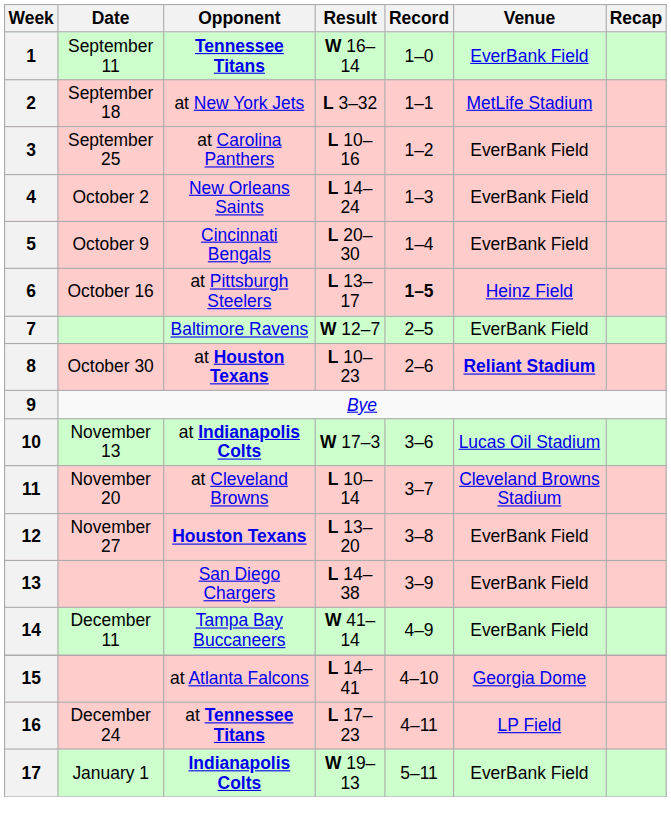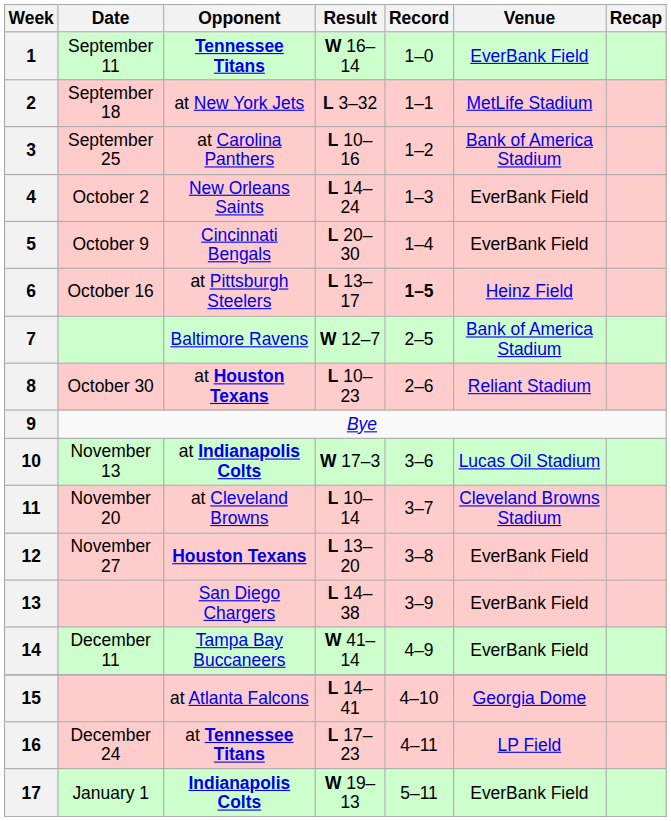 <table class="wikitable" style="text-align:center">
 <tr>
 <th>Week</th>
 <th>Date</th>
 <th>Opponent</th>
 <th>Result</th>
 <th>Record</th>
 <th>Venue</th>
 <th>Recap</th>
 </tr>
 <tr style="background:#cfc;">
 <th>1</th>
 <td>September 11</td>
 <td><strong><a href='#'>Tennessee Titans</a></strong></td>
 <td><strong>W</strong> 16–14</td>
 <td>1–0</td>
 <td><a href='#'>EverBank Field</a></td>
 <td></td>
 </tr>
 <tr style="background:#fcc;">
 <th>2</th>
 <td>September 18</td>
 <td>at <a href='#'>New York Jets</a></td>
 <td><strong>L</strong> 3–32</td>
 <td>1–1</td>
 <td><a href='#'>MetLife Stadium</a></td>
 <td></td>
 </tr>
 <tr style="background:#fcc;">
 <th>3</th>
 <td>September 25</td>
 <td>at <a href='#'>Carolina Panthers</a></td>
 <td><strong>L</strong> 10–16</td>
 <td>1–2</td>
-<td>EverBank Field</td>
+<td><a href='#'>Bank of America Stadium</a></td>
 <td></td>
 </tr>
 <tr style="background:#fcc">
 <th>4</th>
 <td>October 2</td>
 <td><a href='#'>New Orleans Saints</a></td>
 <td><strong>L</strong> 14–24</td>
 <td>1–3</td>
 <td>EverBank Field</td>
 <td></td>
 </tr>
 <tr style="background:#fcc">
 <th>5</th>
 <td>October 9</td>
 <td><a href='#'>Cincinnati Bengals</a></td>
 <td><strong>L</strong> 20–30</td>
 <td>1–4</td>
 <td>EverBank Field</td>
 <td></td>
 </tr>
 <tr style="background:#fcc">
 <th>6</th>
 <td>October 16</td>
 <td>at <a href='#'>Pittsburgh Steelers</a></td>
 <td><strong>L</strong> 13–17</td>
 <td><strong>1–5</strong></td>
 <td><a href='#'>Heinz Field</a></td>
 <td></td>
 </tr>
 <tr style="background:#cfc">
 <th>7</th>
 <td></td>
 <td><a href='#'>Baltimore Ravens</a></td>
 <td><strong>W</strong> 12–7</td>
 <td>2–5</td>
-<td>EverBank Field</td>
+<td><a href='#'>Bank of America Stadium</a></td>
 <td></td>
 </tr>
 <tr style="background:#fcc;">
 <th>8</th>
 <td>October 30</td>
 <td>at <strong><a href='#'>Houston Texans</a></strong></td>
 <td><strong>L</strong> 10–23</td>
 <td>2–6</td>
-<td><strong><a href='#'>Reliant Stadium</a></strong></td>
+<td><a href='#'>Reliant Stadium</a></td>
 <td></td>
 </tr>
 <tr>
 <th>9</th>
 <td colspan="8" style="text-align:center;"><em><a href='#'>Bye</a></em></td>
 </tr>
 <tr style="background:#cfc;">
 <th>10</th>
 <td>November 13</td>
 <td>at <strong><a href='#'>Indianapolis Colts</a></strong></td>
 <td><strong>W</strong> 17–3</td>
 <td>3–6</td>
 <td><a href='#'>Lucas Oil Stadium</a></td>
 <td></td>
 </tr>
 <tr style="background:#fcc;">
 <th>11</th>
 <td>November 20</td>
 <td>at <a href='#'>Cleveland Browns</a></td>
 <td><strong>L</strong> 10–14</td>
 <td>3–7</td>
 <td><a href='#'>Cleveland Browns Stadium</a></td>
 <td></td>
 </tr>
 <tr style="background:#fcc;">
 <th>12</th>
 <td>November 27</td>
 <td><strong><a href='#'>Houston Texans</a></strong></td>
 <td><strong>L</strong> 13–20</td>
 <td>3–8</td>
 <td>EverBank Field</td>
 <td></td>
 </tr>
 <tr style="background:#fcc">
 <th>13</th>
 <td></td>
 <td><a href='#'>San Diego Chargers</a></td>
 <td><strong>L</strong> 14–38</td>
 <td>3–9</td>
 <td>EverBank Field</td>
 <td></td>
 </tr>
 <tr style="background:#cfc;">
 <th>14</th>
 <td>December 11</td>
 <td><a href='#'>Tampa Bay Buccaneers</a></td>
 <td><strong>W</strong> 41–14</td>
 <td>4–9</td>
 <td>EverBank Field</td>
 <td></td>
 </tr>
 <tr style="background:#">
 </tr>
 <tr style="background:#fcc">
 <th>15</th>
 <td></td>
 <td>at <a href='#'>Atlanta Falcons</a></td>
 <td><strong>L</strong> 14–41</td>
 <td>4–10</td>
 <td><a href='#'>Georgia Dome</a></td>
 <td></td>
 </tr>
 <tr style="background:#fcc">
 <th>16</th>
 <td>December 24</td>
 <td>at <strong><a href='#'>Tennessee Titans</a></strong></td>
 <td><strong>L</strong> 17–23</td>
 <td>4–11</td>
 <td><a href='#'>LP Field</a></td>
 <td></td>
 </tr>
 <tr style="background:#cfc;">
 <th>17</th>
 <td>January 1</td>
 <td><strong><a href='#'>Indianapolis Colts</a></strong></td>
 <td><strong>W</strong> 19–13</td>
 <td>5–11</td>
 <td>EverBank Field</td>
 <td></td>
 </tr>
 </table>
